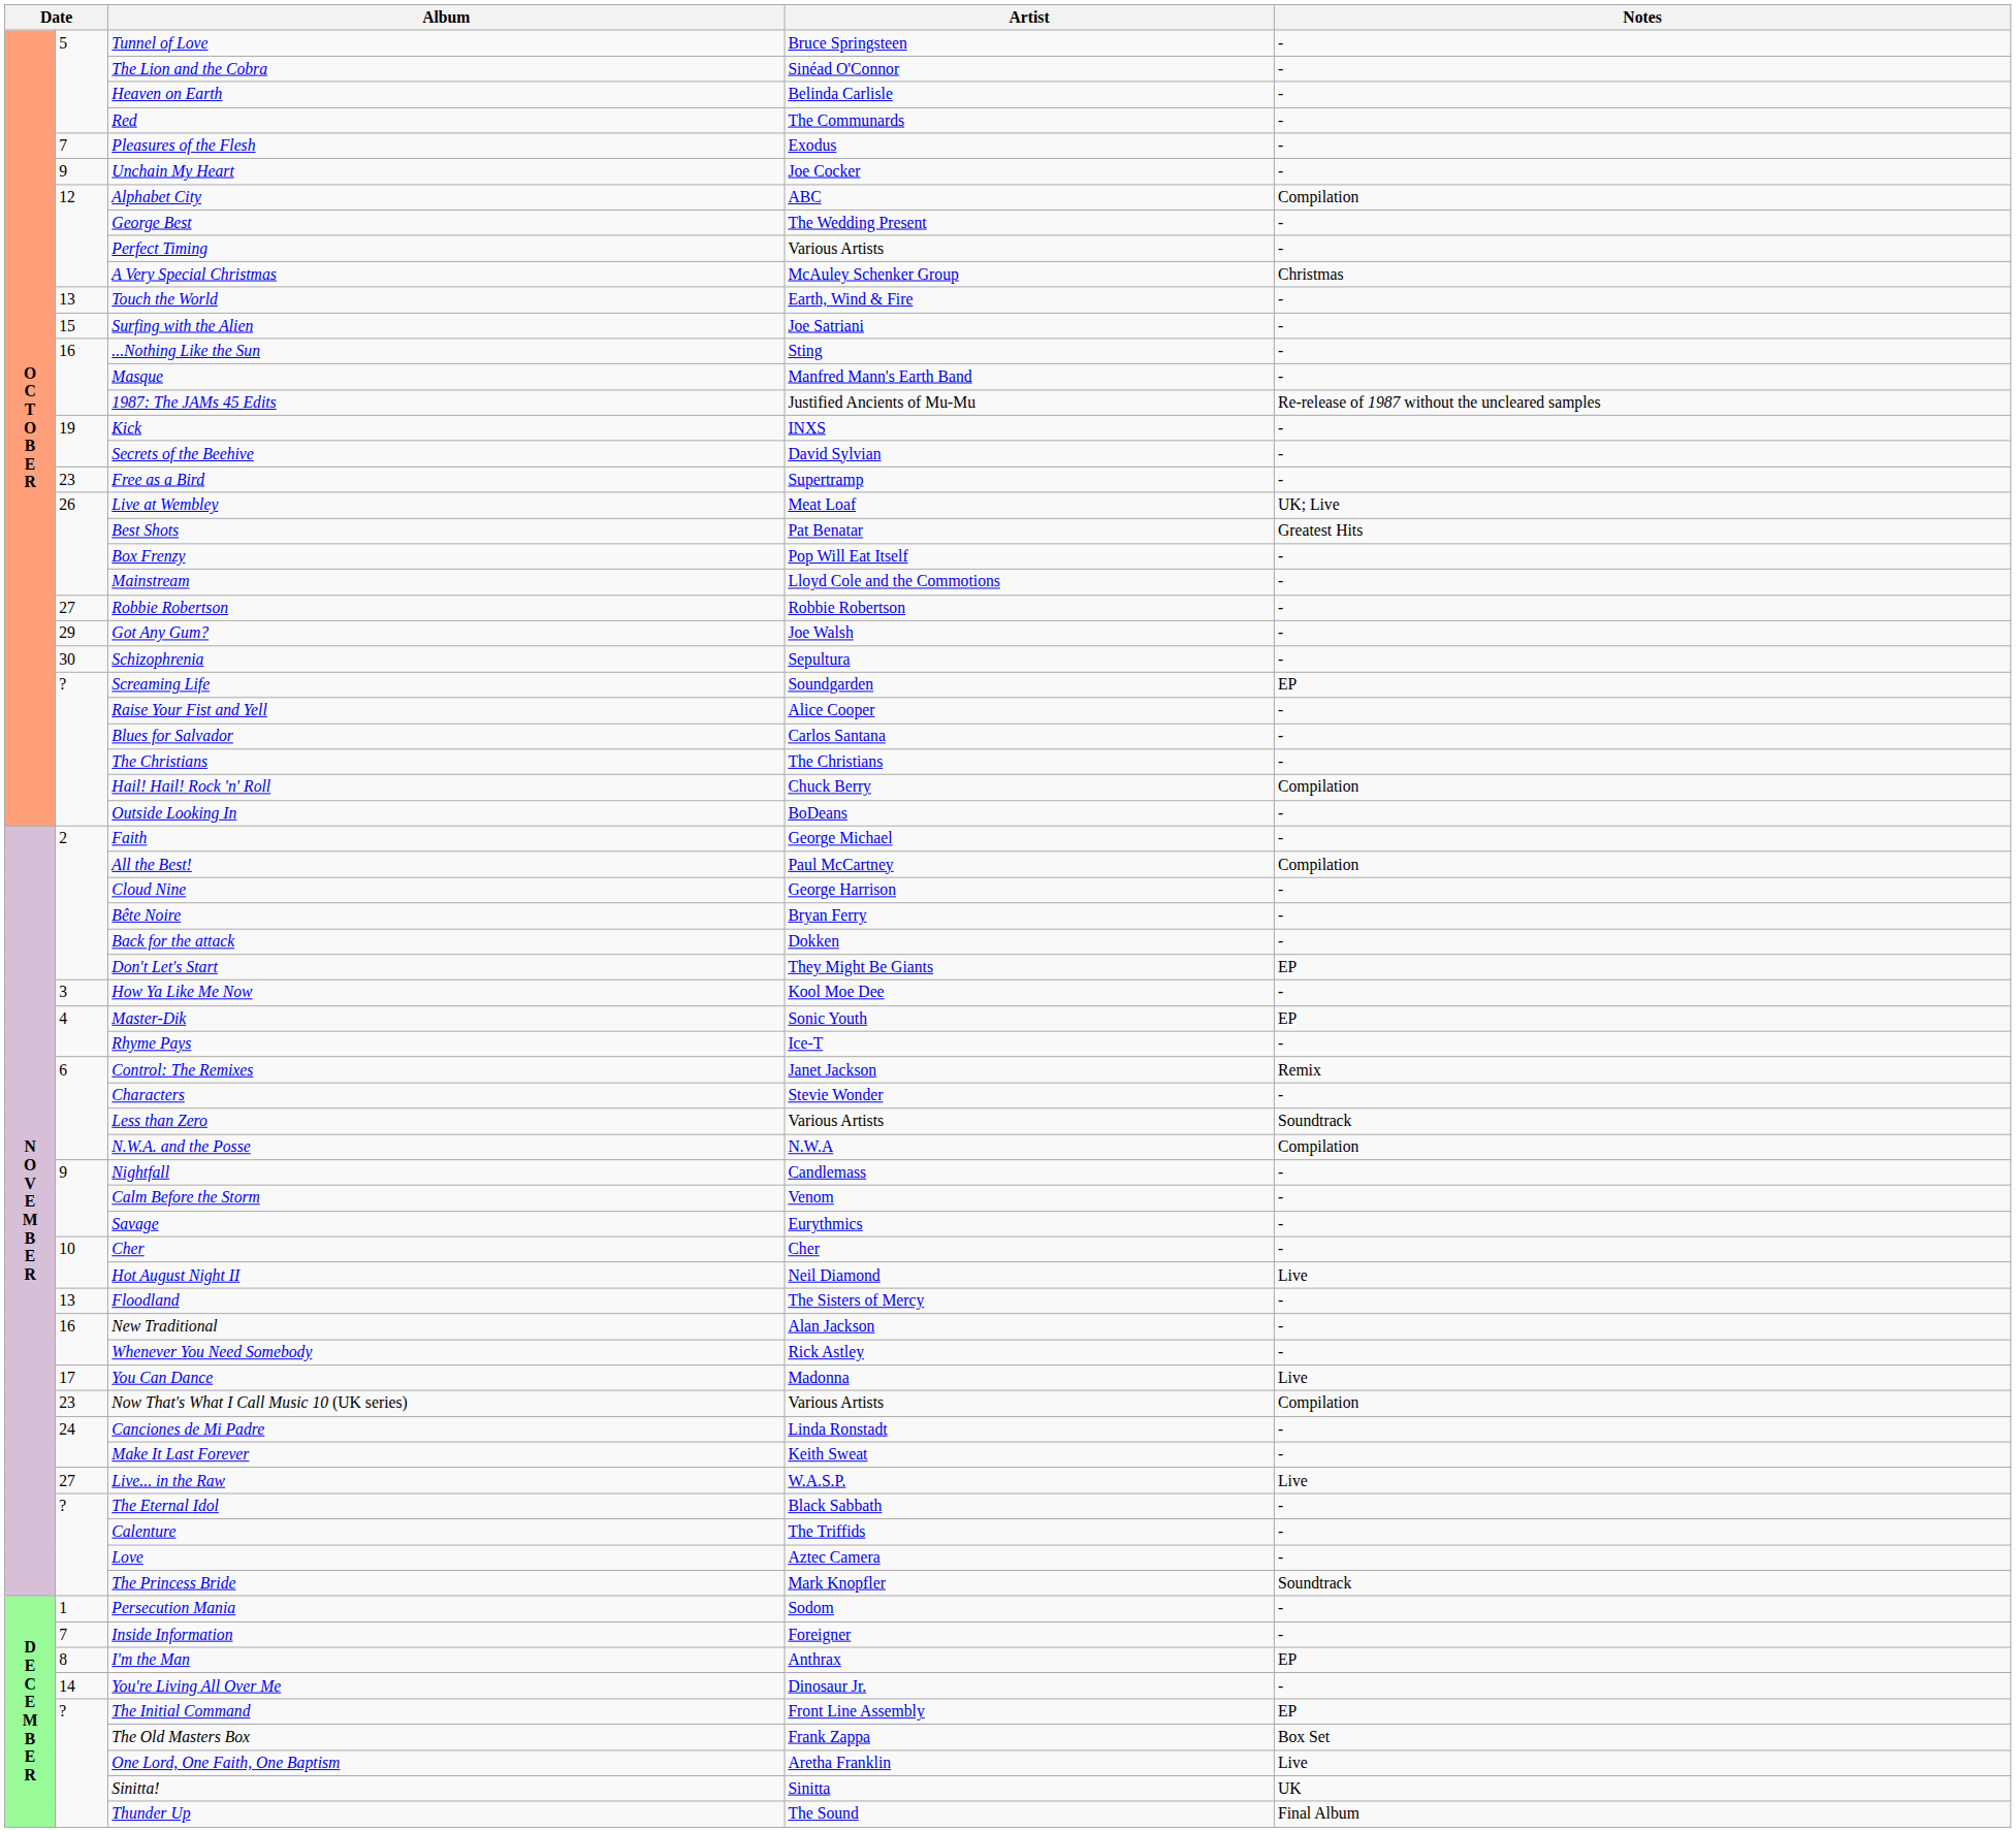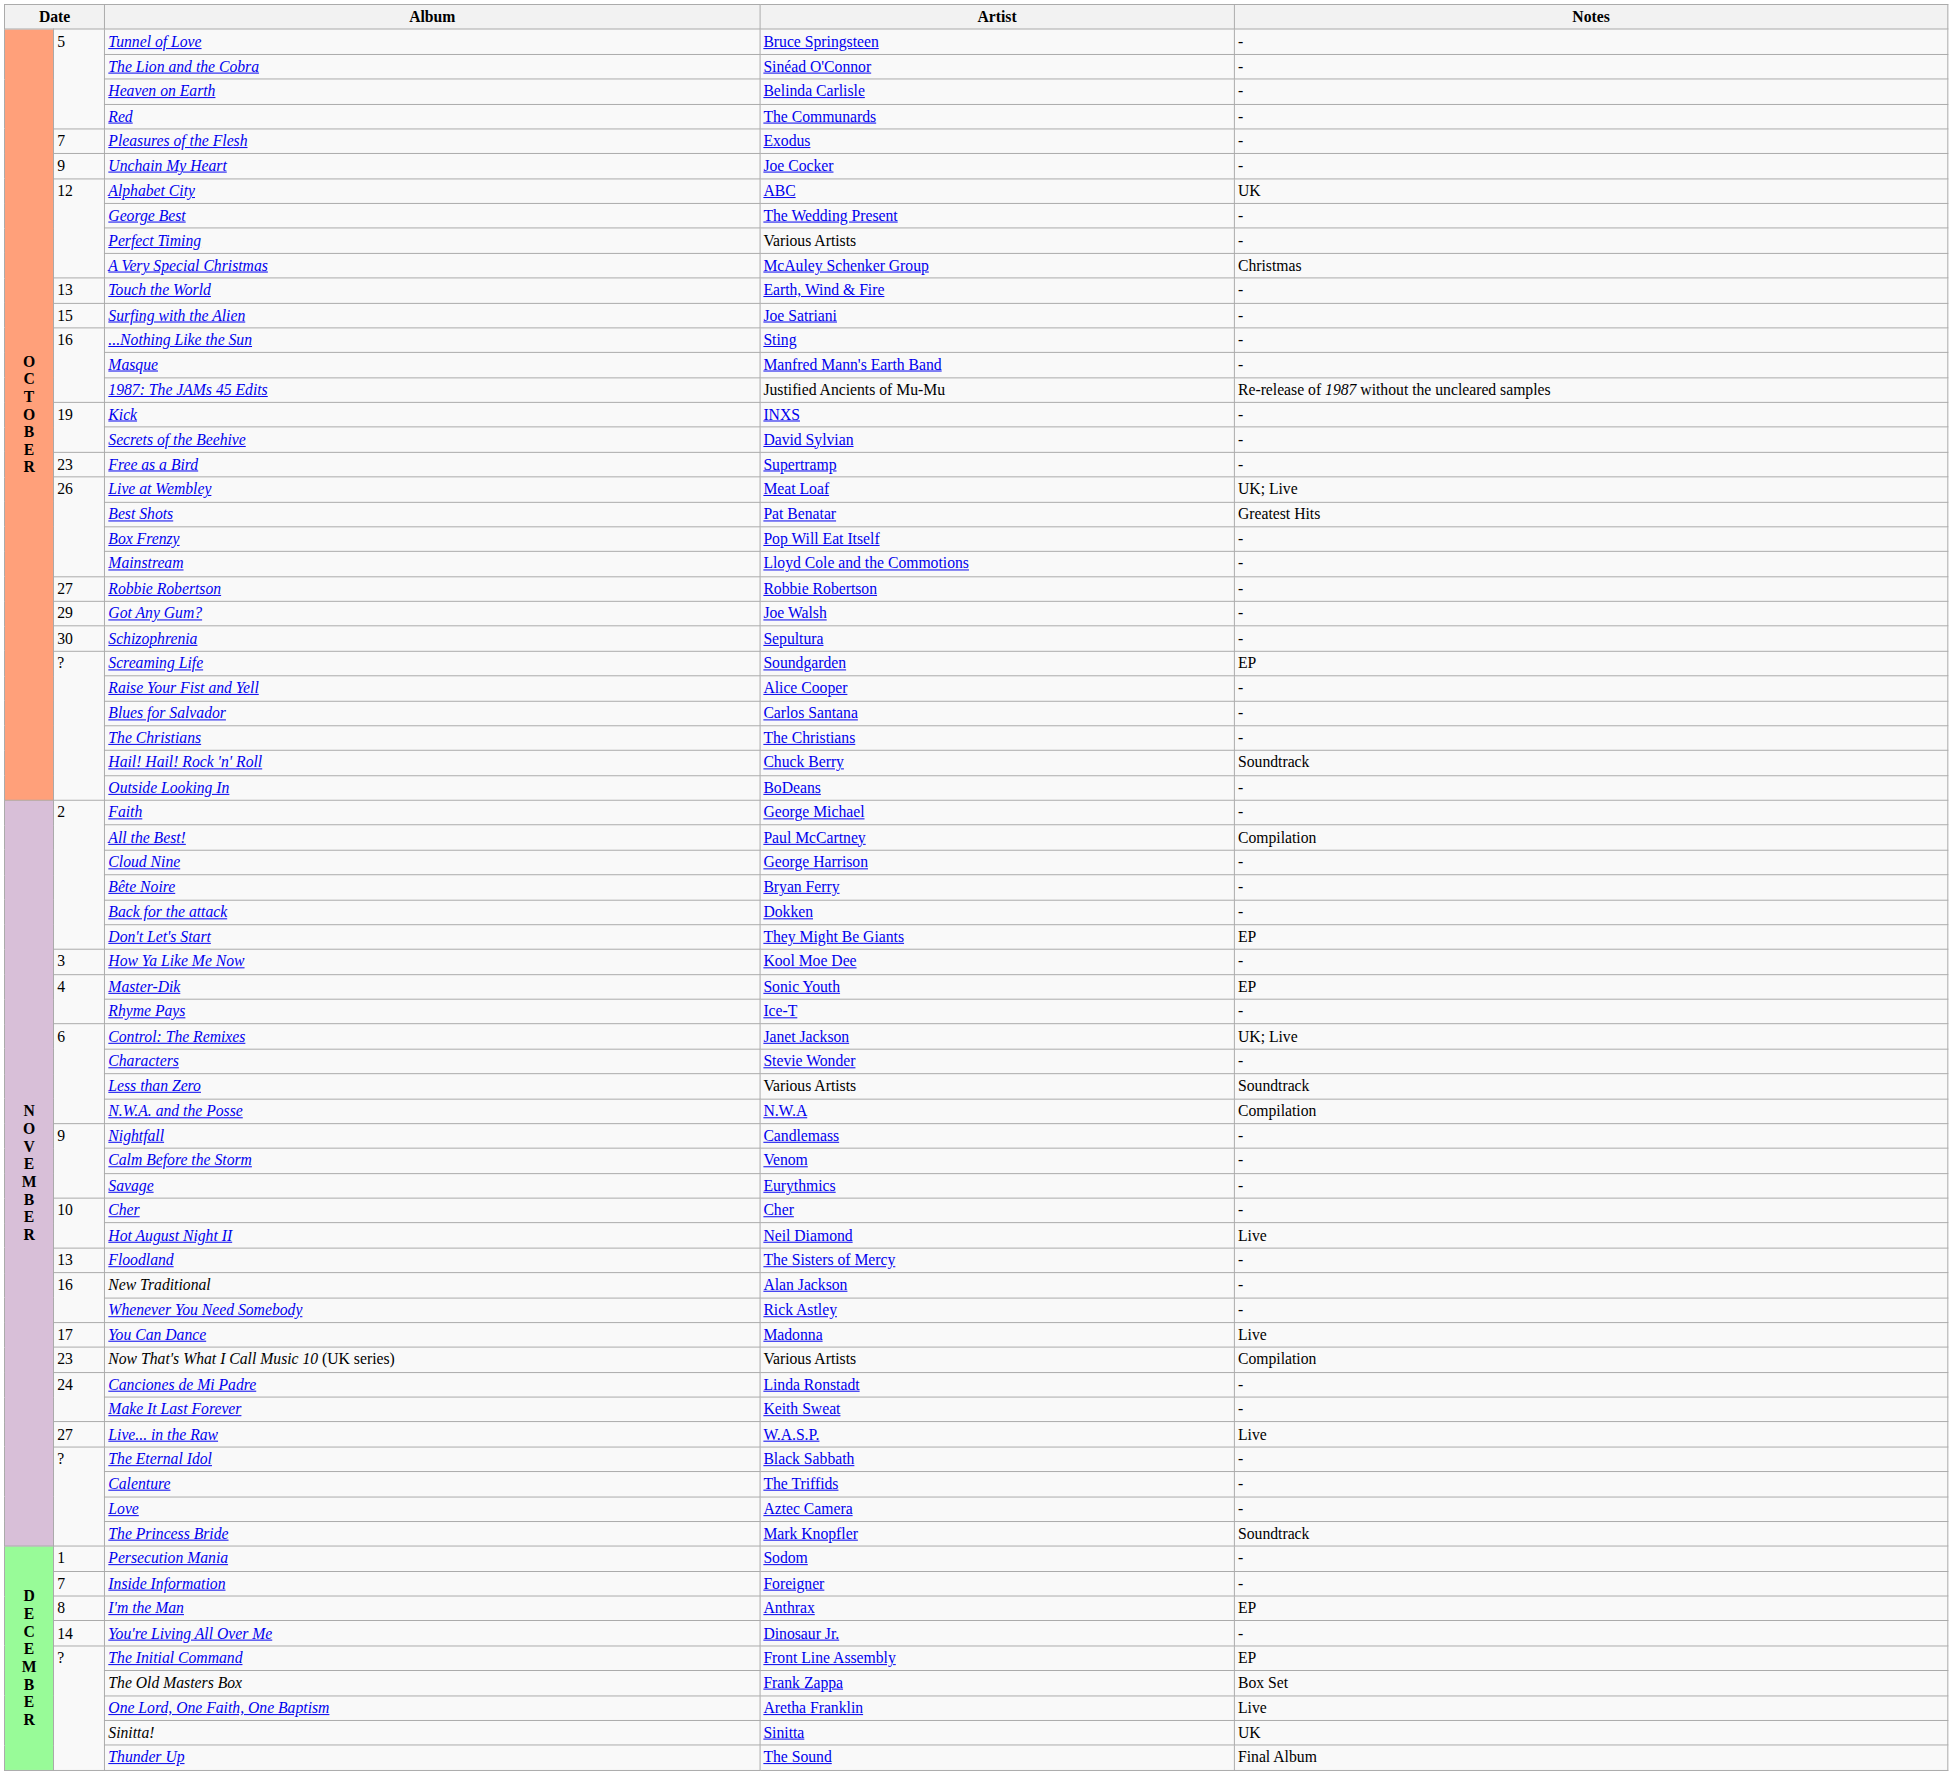 <table class="wikitable" width="100%">
 <tr>
 <th colspan="2">Date</th>
 <th>Album</th>
 <th>Artist</th>
 <th>Notes</th>
 </tr>
 <tr>
 <td rowspan="31" valign="center" align="center" style="background:#FFA07A; textcolor:#000;"><strong>O<br>C<br>T<br>O<br>B<br>E<br>R</strong></td>
 <td rowspan="4" style="vertical-align:top;">5</td>
 <td><em><a href='#'>Tunnel of Love</a></em></td>
 <td><a href='#'>Bruce Springsteen</a></td>
 <td>-</td>
 </tr>
 <tr>
 <td><em><a href='#'>The Lion and the Cobra</a></em></td>
 <td><a href='#'>Sinéad O'Connor</a></td>
 <td>-</td>
 </tr>
 <tr>
 <td><em><a href='#'>Heaven on Earth</a></em></td>
 <td><a href='#'>Belinda Carlisle</a></td>
 <td>-</td>
 </tr>
 <tr>
 <td><em><a href='#'>Red</a></em></td>
 <td><a href='#'>The Communards</a></td>
 <td>-</td>
 </tr>
 <tr>
 <td style="vertical-align:top;">7</td>
 <td><em><a href='#'>Pleasures of the Flesh</a></em></td>
 <td><a href='#'>Exodus</a></td>
 <td>-</td>
 </tr>
 <tr>
 <td rowspan="1" style="vertical-align:top;">9</td>
 <td><em><a href='#'>Unchain My Heart</a></em></td>
 <td><a href='#'>Joe Cocker</a></td>
 <td>-</td>
 </tr>
 <tr>
 <td rowspan="4" style="vertical-align:top;">12</td>
 <td><em><a href='#'>Alphabet City</a></em></td>
 <td><a href='#'>ABC</a></td>
-<td>Compilation</td>
+<td>UK</td>
 </tr>
 <tr>
 <td><em><a href='#'>George Best</a></em></td>
 <td><a href='#'>The Wedding Present</a></td>
 <td>-</td>
 </tr>
 <tr>
 <td><em><a href='#'>Perfect Timing</a></em></td>
 <td>Various Artists</td>
 <td>-</td>
 </tr>
 <tr>
 <td><em><a href='#'>A Very Special Christmas</a></em></td>
 <td><a href='#'>McAuley Schenker Group</a></td>
 <td>Christmas</td>
 </tr>
 <tr>
 <td rowspan="1" style="vertical-align:top;">13</td>
 <td><em><a href='#'>Touch the World</a></em></td>
 <td><a href='#'>Earth, Wind & Fire</a></td>
 <td>-</td>
 </tr>
 <tr>
 <td style="vertical-align:top;">15</td>
 <td><em><a href='#'>Surfing with the Alien</a></em></td>
 <td><a href='#'>Joe Satriani</a></td>
 <td>-</td>
 </tr>
 <tr>
 <td rowspan="3" style="vertical-align:top;">16</td>
 <td><em><a href='#'>...Nothing Like the Sun</a></em></td>
 <td><a href='#'>Sting</a></td>
 <td>-</td>
 </tr>
 <tr>
 <td><em><a href='#'>Masque</a></em></td>
 <td><a href='#'>Manfred Mann's Earth Band</a></td>
 <td>-</td>
 </tr>
 <tr>
 <td><em><a href='#'>1987: The JAMs 45 Edits</a></em></td>
 <td>Justified Ancients of Mu-Mu</td>
 <td>Re-release of <em>1987</em> without the uncleared samples</td>
 </tr>
 <tr>
 <td rowspan="2" style="vertical-align:top;">19</td>
 <td><em><a href='#'>Kick</a></em></td>
 <td><a href='#'>INXS</a></td>
 <td>-</td>
 </tr>
 <tr>
 <td><em><a href='#'>Secrets of the Beehive</a></em></td>
 <td><a href='#'>David Sylvian</a></td>
 <td>-</td>
 </tr>
 <tr>
 <td style="vertical-align:top;">23</td>
 <td><em><a href='#'>Free as a Bird</a></em></td>
 <td><a href='#'>Supertramp</a></td>
 <td>-</td>
 </tr>
 <tr>
 <td rowspan="4" style="vertical-align:top;">26</td>
 <td><em><a href='#'>Live at Wembley</a></em></td>
 <td><a href='#'>Meat Loaf</a></td>
 <td>UK; Live</td>
 </tr>
 <tr>
 <td><em><a href='#'>Best Shots</a></em></td>
 <td><a href='#'>Pat Benatar</a></td>
 <td>Greatest Hits</td>
 </tr>
 <tr>
 <td><em><a href='#'>Box Frenzy</a></em></td>
 <td><a href='#'>Pop Will Eat Itself</a></td>
 <td>-</td>
 </tr>
 <tr>
 <td><em><a href='#'>Mainstream</a></em></td>
 <td><a href='#'>Lloyd Cole and the Commotions</a></td>
 <td>-</td>
 </tr>
 <tr>
 <td style="vertical-align:top;">27</td>
 <td><em><a href='#'>Robbie Robertson</a></em></td>
 <td><a href='#'>Robbie Robertson</a></td>
 <td>-</td>
 </tr>
 <tr>
 <td style="vertical-align:top;">29</td>
 <td><em><a href='#'>Got Any Gum?</a></em></td>
 <td><a href='#'>Joe Walsh</a></td>
 <td>-</td>
 </tr>
 <tr>
 <td rowspan="1" style="vertical-align:top;">30</td>
 <td><em><a href='#'>Schizophrenia</a></em></td>
 <td><a href='#'>Sepultura</a></td>
 <td>-</td>
 </tr>
 <tr>
 <td rowspan="6" style="vertical-align:top;">?</td>
 <td><em><a href='#'>Screaming Life</a></em></td>
 <td><a href='#'>Soundgarden</a></td>
 <td>EP</td>
 </tr>
 <tr>
 <td><em><a href='#'>Raise Your Fist and Yell</a></em></td>
 <td><a href='#'>Alice Cooper</a></td>
 <td>-</td>
 </tr>
 <tr>
 <td><em><a href='#'>Blues for Salvador</a></em></td>
 <td><a href='#'>Carlos Santana</a></td>
 <td>-</td>
 </tr>
 <tr>
 <td><em><a href='#'>The Christians</a></em></td>
 <td><a href='#'>The Christians</a></td>
 <td>-</td>
 </tr>
 <tr>
 <td><em><a href='#'>Hail! Hail! Rock 'n' Roll</a></em></td>
 <td><a href='#'>Chuck Berry</a></td>
-<td>Compilation</td>
+<td>Soundtrack</td>
 </tr>
 <tr>
 <td><em><a href='#'>Outside Looking In</a></em></td>
 <td><a href='#'>BoDeans</a></td>
 <td>-</td>
 </tr>
 <tr>
 <td rowspan="30" valign="center" align="center" style="background:#D8BFD8; textcolor:#000;"><strong>N<br>O<br>V<br>E<br>M<br>B<br>E<br>R</strong></td>
 <td rowspan="6" style="vertical-align:top;">2</td>
 <td><em><a href='#'>Faith</a></em></td>
 <td><a href='#'>George Michael</a></td>
 <td>-</td>
 </tr>
 <tr>
 <td><em><a href='#'>All the Best!</a></em></td>
 <td><a href='#'>Paul McCartney</a></td>
 <td>Compilation</td>
 </tr>
 <tr>
 <td><em><a href='#'>Cloud Nine</a></em></td>
 <td><a href='#'>George Harrison</a></td>
 <td>-</td>
 </tr>
 <tr>
 <td><em><a href='#'>Bête Noire</a></em></td>
 <td><a href='#'>Bryan Ferry</a></td>
 <td>-</td>
 </tr>
 <tr>
 <td><em><a href='#'>Back for the attack</a></em></td>
 <td><a href='#'>Dokken</a></td>
 <td>-</td>
 </tr>
 <tr>
 <td><em><a href='#'>Don't Let's Start</a></em></td>
 <td><a href='#'>They Might Be Giants</a></td>
 <td>EP</td>
 </tr>
 <tr>
 <td style="vertical-align:top;">3</td>
 <td><em><a href='#'>How Ya Like Me Now</a></em></td>
 <td><a href='#'>Kool Moe Dee</a></td>
 <td>-</td>
 </tr>
 <tr>
 <td rowspan="2" style="vertical-align:top;">4</td>
 <td><em><a href='#'>Master-Dik</a></em></td>
 <td><a href='#'>Sonic Youth</a></td>
 <td>EP</td>
 </tr>
 <tr>
 <td><em><a href='#'>Rhyme Pays</a></em></td>
 <td><a href='#'>Ice-T</a></td>
 <td>-</td>
 </tr>
 <tr>
 <td rowspan="4" style="vertical-align:top;">6</td>
 <td><em><a href='#'>Control: The Remixes</a></em></td>
 <td><a href='#'>Janet Jackson</a></td>
-<td>Remix</td>
+<td>UK; Live</td>
 </tr>
 <tr>
 <td><em><a href='#'>Characters</a></em></td>
 <td><a href='#'>Stevie Wonder</a></td>
 <td>-</td>
 </tr>
 <tr>
 <td><em><a href='#'>Less than Zero</a></em></td>
 <td>Various Artists</td>
 <td>Soundtrack</td>
 </tr>
 <tr>
 <td><em><a href='#'>N.W.A. and the Posse</a></em></td>
 <td><a href='#'>N.W.A</a></td>
 <td>Compilation</td>
 </tr>
 <tr>
 <td rowspan="3" style="vertical-align:top;">9</td>
 <td><em><a href='#'>Nightfall</a></em></td>
 <td><a href='#'>Candlemass</a></td>
 <td>-</td>
 </tr>
 <tr>
 <td><em><a href='#'>Calm Before the Storm</a></em></td>
 <td><a href='#'>Venom</a></td>
 <td>-</td>
 </tr>
 <tr>
 <td><em><a href='#'>Savage</a></em></td>
 <td><a href='#'>Eurythmics</a></td>
 <td>-</td>
 </tr>
 <tr>
 <td rowspan="2" style="vertical-align:top;">10</td>
 <td><em><a href='#'>Cher</a></em></td>
 <td><a href='#'>Cher</a></td>
 <td>-</td>
 </tr>
 <tr>
 <td><em><a href='#'>Hot August Night II</a></em></td>
 <td><a href='#'>Neil Diamond</a></td>
 <td>Live</td>
 </tr>
 <tr>
 <td style="vertical-align:top;">13</td>
 <td><em><a href='#'>Floodland</a></em></td>
 <td><a href='#'>The Sisters of Mercy</a></td>
 <td>-</td>
 </tr>
 <tr>
 <td rowspan="2" style="vertical-align:top;">16</td>
 <td><em>New Traditional</em></td>
 <td><a href='#'>Alan Jackson</a></td>
 <td>-</td>
 </tr>
 <tr>
 <td><em><a href='#'>Whenever You Need Somebody</a></em></td>
 <td><a href='#'>Rick Astley</a></td>
 <td>-</td>
 </tr>
 <tr>
 <td style="vertical-align:top;">17</td>
 <td><em><a href='#'>You Can Dance</a></em></td>
 <td><a href='#'>Madonna</a></td>
 <td>Live</td>
 </tr>
 <tr>
 <td rowspan="1" style="vertical-align:top;">23</td>
 <td><em>Now That's What I Call Music 10</em> (UK series)</td>
 <td>Various Artists</td>
 <td>Compilation</td>
 </tr>
 <tr>
 <td rowspan="2" style="vertical-align:top;">24</td>
 <td><em><a href='#'>Canciones de Mi Padre</a></em></td>
 <td><a href='#'>Linda Ronstadt</a></td>
 <td>-</td>
 </tr>
 <tr>
 <td><em><a href='#'>Make It Last Forever</a></em></td>
 <td><a href='#'>Keith Sweat</a></td>
 <td>-</td>
 </tr>
 <tr>
 <td style="vertical-align:top;">27</td>
 <td><em><a href='#'>Live... in the Raw</a></em></td>
 <td><a href='#'>W.A.S.P.</a></td>
 <td>Live</td>
 </tr>
 <tr>
 <td rowspan="4" style="vertical-align:top;">?</td>
 <td><em><a href='#'>The Eternal Idol</a></em></td>
 <td><a href='#'>Black Sabbath</a></td>
 <td>-</td>
 </tr>
 <tr>
 <td><em><a href='#'>Calenture</a></em></td>
 <td><a href='#'>The Triffids</a></td>
 <td>-</td>
 </tr>
 <tr>
 <td><em><a href='#'>Love</a></em></td>
 <td><a href='#'>Aztec Camera</a></td>
 <td>-</td>
 </tr>
 <tr>
 <td><em><a href='#'>The Princess Bride</a></em></td>
 <td><a href='#'>Mark Knopfler</a></td>
 <td>Soundtrack</td>
 </tr>
 <tr>
 <td rowspan="9" valign="center" align="center" style="background:#98FB98; textcolor:#000;"><strong>D<br>E<br>C<br>E<br>M<br>B<br>E<br>R</strong></td>
 <td style="vertical-align:top;">1</td>
 <td><em><a href='#'>Persecution Mania</a></em></td>
 <td><a href='#'>Sodom</a></td>
 <td>-</td>
 </tr>
 <tr>
 <td rowspan="1" style="vertical-align:top;">7</td>
 <td><em><a href='#'>Inside Information</a></em></td>
 <td><a href='#'>Foreigner</a></td>
 <td>-</td>
 </tr>
 <tr>
 <td rowspan="1" style="vertical-align:top;">8</td>
 <td><em><a href='#'>I'm the Man</a></em></td>
 <td><a href='#'>Anthrax</a></td>
 <td>EP</td>
 </tr>
 <tr>
 <td style="vertical-align:top;">14</td>
 <td><em><a href='#'>You're Living All Over Me</a></em></td>
 <td><a href='#'>Dinosaur Jr.</a></td>
 <td>-</td>
 </tr>
 <tr>
 <td rowspan="5" style="vertical-align:top;">?</td>
 <td><em><a href='#'>The Initial Command</a></em></td>
 <td><a href='#'>Front Line Assembly</a></td>
 <td>EP</td>
 </tr>
 <tr>
 <td><em>The Old Masters Box</em></td>
 <td><a href='#'>Frank Zappa</a></td>
 <td>Box Set</td>
 </tr>
 <tr>
 <td><em><a href='#'>One Lord, One Faith, One Baptism</a></em></td>
 <td><a href='#'>Aretha Franklin</a></td>
 <td>Live</td>
 </tr>
 <tr>
 <td><em>Sinitta!</em></td>
 <td><a href='#'>Sinitta</a></td>
 <td>UK</td>
 </tr>
 <tr>
 <td><em><a href='#'>Thunder Up</a></em></td>
 <td><a href='#'>The Sound</a></td>
 <td>Final Album</td>
 </tr>
 </table>
